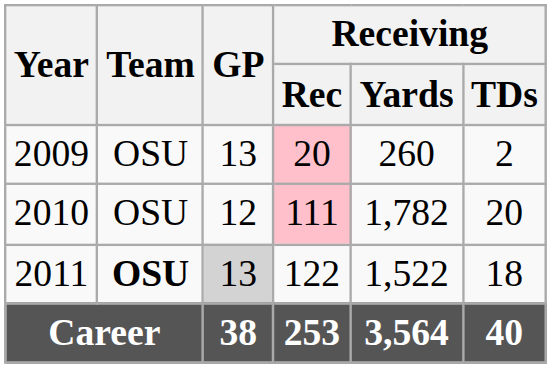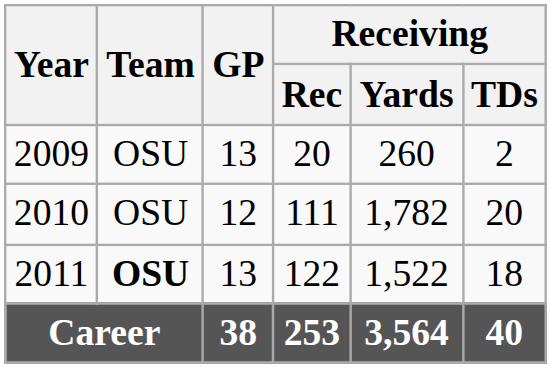 <table class="wikitable" style="text-align:center;">
 <tr>
 <th rowspan="2">Year</th>
 <th rowspan="2">Team</th>
 <th rowspan="2">GP</th>
 <th colspan=3>Receiving</th>
 </tr>
 <tr>
 <th>Rec</th>
 <th>Yards</th>
 <th>TDs</th>
 </tr>
 <tr>
 <td>2009</td>
 <td>OSU</td>
 <td>13</td>
-<td style="background: pink;">20</td>
+<td>20</td>
 <td>260</td>
 <td>2</td>
 </tr>
 <tr>
 <td>2010</td>
 <td>OSU</td>
 <td>12</td>
-<td style="background: pink;">111</td>
+<td>111</td>
 <td>1,782</td>
 <td>20</td>
 </tr>
 <tr>
 <td>2011</td>
 <td><strong>OSU</strong></td>
-<td style="background: lightgrey;">13</td>
+<td>13</td>
 <td>122</td>
 <td>1,522</td>
 <td>18</td>
 </tr>
 <tr style="background:#555; font-weight:bold; color:white;">
 <td colspan=2>Career</td>
 <td>38</td>
 <td>253</td>
 <td>3,564</td>
 <td>40</td>
 </tr>
 </table>
